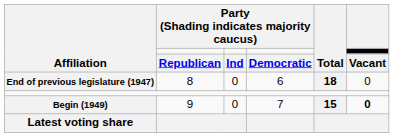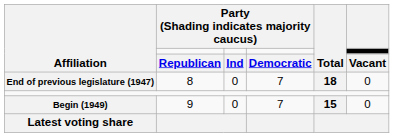 <table class=wikitable style="text-align:center; width:50%">
 <tr style="vertical-align:bottom;">
 <th rowspan=3>Affiliation</th>
 <th colspan=3>Party <div>(Shading indicates majority caucus)</div></th>
 <th rowspan=3>Total</th>
 <th></th>
 </tr>
 <tr style="height:5px">
 <td style="background-color:"></td>
 <td style="background-color:"></td>
 <td style="background-color:"></td>
 <td style="background-color:black"></td>
 </tr>
 <tr>
 <th><a href='#'>Republican</a></th>
 <th><a href='#'>Ind</a></th>
 <th><a href='#'>Democratic</a></th>
 <th>Vacant</th>
 </tr>
 <tr>
 <th nowrap style="font-size:80%">End of previous legislature (1947)</th>
 <td>8</td>
 <td>0</td>
-<td>6</td>
+<td>7</td>
 <th>18</th>
 <td>0</td>
 </tr>
 <tr>
 <td colspan=6></td>
 </tr>
 <tr>
 <th nowrap style="font-size:80%">Begin (1949)</th>
 <td>9</td>
 <td>0</td>
 <td>7</td>
 <th>15</th>
-<td><strong>0</strong></td>
+<td>0</td>
 </tr>
 <tr>
 <th>Latest voting share</th>
 <th colspan=2 ></th>
 <th></th>
 <th colspan=2></th>
 </tr>
 </table>
